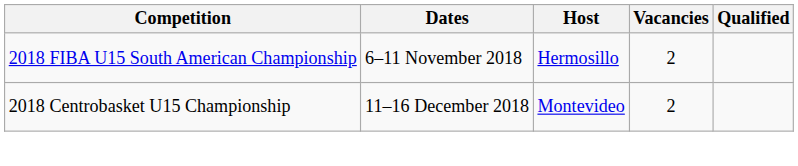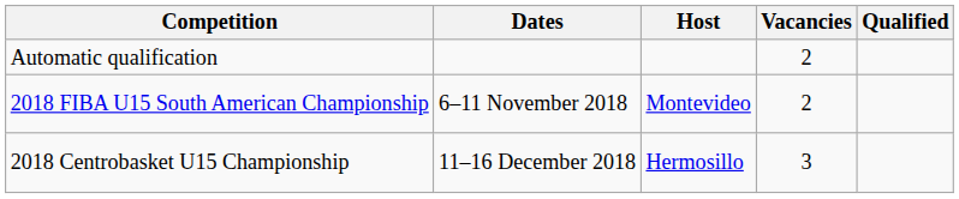 <table class="wikitable">
 <tr>
 <th>Competition</th>
 <th>Dates</th>
 <th>Host</th>
 <th>Vacancies</th>
 <th>Qualified</th>
 </tr>
 <tr>
+<td>Automatic qualification</td>
+<td></td>
+<td></td>
+<td align=center>2</td>
+<td><br></td>
+</tr>
+<tr>
 <td><a href='#'>2018 FIBA U15 South American Championship</a></td>
 <td>6–11 November 2018</td>
-<td> <a href='#'>Hermosillo</a></td>
+<td> <a href='#'>Montevideo</a></td>
 <td align=center>2</td>
 <td><br><br></td>
 </tr>
 <tr>
 <td>2018 Centrobasket U15 Championship</td>
 <td>11–16 December 2018</td>
-<td> <a href='#'>Montevideo</a></td>
-<td align="center">2</td>
+<td> <a href='#'>Hermosillo</a></td>
+<td align="center">3</td>
 <td><br><br></td>
 </tr>
 </table>
